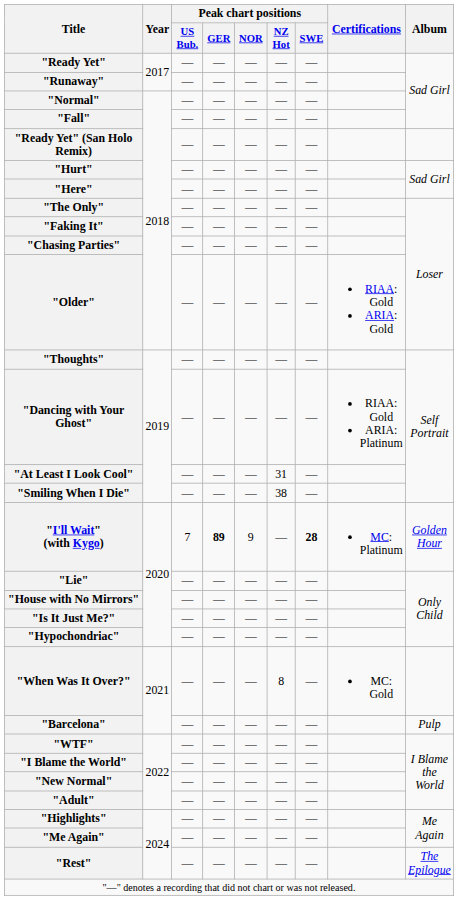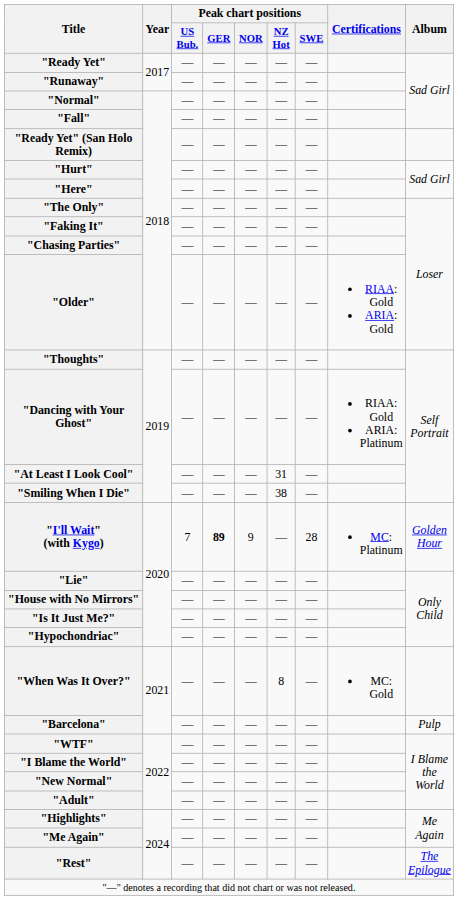 <table class="wikitable plainrowheaders" style="text-align:center;">
 <tr>
 <th scope="col" rowspan="2" style="width:16em;">Title</th>
 <th scope="col" rowspan="2" style="width:1em;">Year</th>
 <th scope="col" colspan="5">Peak chart positions</th>
 <th scope="col" rowspan="2"><a href='#'>Certifications</a></th>
 <th scope="col" rowspan="2">Album</th>
 </tr>
 <tr>
 <th scope="col" style="width:3em;font-size:90%;"><a href='#'>US<br>Bub.</a><br></th>
 <th scope="col" style="width:3em;font-size:90%;"><a href='#'>GER</a><br></th>
 <th scope="col" style="width:3em;font-size:90%;"><a href='#'>NOR</a><br></th>
 <th scope="col" style="width:3em;font-size:90%;"><a href='#'>NZ<br>Hot</a><br></th>
 <th scope="col" style="width:3em;font-size:90%;"><a href='#'>SWE</a><br></th>
 </tr>
 <tr>
 <th scope="row">"Ready Yet"</th>
 <td rowspan="2">2017</td>
 <td>—</td>
 <td>—</td>
 <td>—</td>
 <td>—</td>
 <td>—</td>
 <td></td>
 <td rowspan="4"><em>Sad Girl</em></td>
 </tr>
 <tr>
 <th scope="row">"Runaway"</th>
 <td>—</td>
 <td>—</td>
 <td>—</td>
 <td>—</td>
 <td>—</td>
 <td></td>
 </tr>
 <tr>
 <th scope="row">"Normal"</th>
 <td rowspan="9">2018</td>
 <td>—</td>
 <td>—</td>
 <td>—</td>
 <td>—</td>
 <td>—</td>
 <td></td>
 </tr>
 <tr>
 <th scope="row">"Fall"</th>
 <td>—</td>
 <td>—</td>
 <td>—</td>
 <td>—</td>
 <td>—</td>
 <td></td>
 </tr>
 <tr>
 <th scope="row">"Ready Yet" (San Holo Remix)</th>
 <td>—</td>
 <td>—</td>
 <td>—</td>
 <td>—</td>
 <td>—</td>
 <td></td>
 <td></td>
 </tr>
 <tr>
 <th scope="row">"Hurt"</th>
 <td>—</td>
 <td>—</td>
 <td>—</td>
 <td>—</td>
 <td>—</td>
 <td></td>
 <td rowspan="2"><em>Sad Girl</em></td>
 </tr>
 <tr>
 <th scope="row">"Here"</th>
 <td>—</td>
 <td>—</td>
 <td>—</td>
 <td>—</td>
 <td>—</td>
 <td></td>
 </tr>
 <tr>
 <th scope="row">"The Only"</th>
 <td>—</td>
 <td>—</td>
 <td>—</td>
 <td>—</td>
 <td>—</td>
 <td></td>
 <td rowspan="4"><em>Loser</em></td>
 </tr>
 <tr>
 <th scope="row">"Faking It"</th>
 <td>—</td>
 <td>—</td>
 <td>—</td>
 <td>—</td>
 <td>—</td>
 <td></td>
 </tr>
 <tr>
 <th scope="row">"Chasing Parties"</th>
 <td>—</td>
 <td>—</td>
 <td>—</td>
 <td>—</td>
 <td>—</td>
 <td></td>
 </tr>
 <tr>
 <th scope="row">"Older"</th>
 <td>—</td>
 <td>—</td>
 <td>—</td>
 <td>—</td>
 <td>—</td>
 <td><br><ul><li><a href='#'>RIAA</a>: Gold</li><li><a href='#'>ARIA</a>: Gold</li></ul></td>
 </tr>
 <tr>
 <th scope="row">"Thoughts"</th>
 <td rowspan="4">2019</td>
 <td>—</td>
 <td>—</td>
 <td>—</td>
 <td>—</td>
 <td>—</td>
 <td></td>
 <td rowspan="4"><em>Self Portrait</em></td>
 </tr>
 <tr>
 <th scope="row">"Dancing with Your Ghost"</th>
 <td>—</td>
 <td>—</td>
 <td>—</td>
 <td>—</td>
 <td>—</td>
 <td><br><ul><li>RIAA: Gold</li><li>ARIA: Platinum</li></ul></td>
 </tr>
 <tr>
 <th scope="row">"At Least I Look Cool"</th>
 <td>—</td>
 <td>—</td>
 <td>—</td>
 <td>31</td>
 <td>—</td>
 <td></td>
 </tr>
 <tr>
 <th scope="row">"Smiling When I Die"</th>
 <td>—</td>
 <td>—</td>
 <td>—</td>
 <td>38</td>
 <td>—</td>
 <td></td>
 </tr>
 <tr>
 <th scope="row">"<a href='#'>I'll Wait</a>" <br><span>(with <a href='#'>Kygo</a>)</span></th>
 <td rowspan="5">2020</td>
 <td>7</td>
 <td><strong>89</strong></td>
 <td>9</td>
 <td>—</td>
-<td><strong>28</strong></td>
+<td>28</td>
 <td><br><ul><li><a href='#'>MC</a>: Platinum</li></ul></td>
 <td><em><a href='#'>Golden Hour</a></em></td>
 </tr>
 <tr>
 <th scope="row">"Lie"</th>
 <td>—</td>
 <td>—</td>
 <td>—</td>
 <td>—</td>
 <td>—</td>
 <td></td>
 <td rowspan="4"><em>Only Child</em></td>
 </tr>
 <tr>
 <th scope="row">"House with No Mirrors"</th>
 <td>—</td>
 <td>—</td>
 <td>—</td>
 <td>—</td>
 <td>—</td>
 <td></td>
 </tr>
 <tr>
 <th scope="row">"Is It Just Me?"<br></th>
 <td>—</td>
 <td>—</td>
 <td>—</td>
 <td>—</td>
 <td>—</td>
 <td></td>
 </tr>
 <tr>
 <th scope="row">"Hypochondriac"</th>
 <td>—</td>
 <td>—</td>
 <td>—</td>
 <td>—</td>
 <td>—</td>
 <td></td>
 </tr>
 <tr>
 <th scope="row">"When Was It Over?"<br></th>
 <td rowspan="2">2021</td>
 <td>—</td>
 <td>—</td>
 <td>—</td>
 <td>8</td>
 <td>—</td>
 <td><br><ul><li>MC: Gold</li></ul></td>
 <td></td>
 </tr>
 <tr>
 <th scope="row">"Barcelona"<br></th>
 <td>—</td>
 <td>—</td>
 <td>—</td>
 <td>—</td>
 <td>—</td>
 <td></td>
 <td><em>Pulp</em></td>
 </tr>
 <tr>
 <th scope="row">"WTF"</th>
 <td rowspan="4">2022</td>
 <td>—</td>
 <td>—</td>
 <td>—</td>
 <td>—</td>
 <td>—</td>
 <td></td>
 <td rowspan="4"><em>I Blame the World</em></td>
 </tr>
 <tr>
 <th scope="row">"I Blame the World"</th>
 <td>—</td>
 <td>—</td>
 <td>—</td>
 <td>—</td>
 <td>—</td>
 </tr>
 <tr>
 <th scope="row">"New Normal"</th>
 <td>—</td>
 <td>—</td>
 <td>—</td>
 <td>—</td>
 <td>—</td>
 <td></td>
 </tr>
 <tr>
 <th scope="row">"Adult"</th>
 <td>—</td>
 <td>—</td>
 <td>—</td>
 <td>—</td>
 <td>—</td>
 <td></td>
 </tr>
 <tr>
 <th scope="row">"Highlights"</th>
 <td rowspan="3">2024</td>
 <td>—</td>
 <td>—</td>
 <td>—</td>
 <td>—</td>
 <td>—</td>
 <td></td>
 <td rowspan="2"><em>Me Again</em></td>
 </tr>
 <tr>
 <th scope="row">"Me Again"</th>
 <td>—</td>
 <td>—</td>
 <td>—</td>
 <td>—</td>
 <td>—</td>
 <td></td>
 </tr>
 <tr>
 <th scope="row">"Rest" <br></th>
 <td>—</td>
 <td>—</td>
 <td>—</td>
 <td>—</td>
 <td>—</td>
 <td></td>
 <td><em><a href='#'>The Epilogue</a></em></td>
 </tr>
 <tr>
 <td colspan="9" style="font-size:85%">"—" denotes a recording that did not chart or was not released.</td>
 </tr>
 </table>
